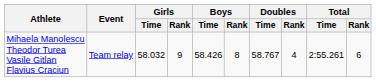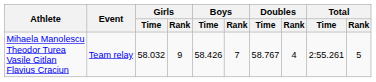 <table class="wikitable" style="font-size:90%">
 <tr>
 <th rowspan="2">Athlete</th>
 <th rowspan="2">Event</th>
 <th colspan=2>Girls</th>
 <th colspan=2>Boys</th>
 <th colspan=2>Doubles</th>
 <th colspan=2>Total</th>
 </tr>
 <tr style="font-size:95%">
 <th>Time</th>
 <th>Rank</th>
 <th>Time</th>
 <th>Rank</th>
 <th>Time</th>
 <th>Rank</th>
 <th>Time</th>
 <th>Rank</th>
 </tr>
 <tr align=center>
 <td align=left><a href='#'>Mihaela Manolescu</a><br><a href='#'>Theodor Turea</a><br><a href='#'>Vasile Gitlan</a><br><a href='#'>Flavius Craciun</a></td>
 <td align=left><a href='#'>Team relay</a></td>
 <td>58.032</td>
 <td>9</td>
 <td>58.426</td>
-<td>8</td>
+<td>7</td>
 <td>58.767</td>
 <td>4</td>
 <td>2:55.261</td>
-<td>6</td>
+<td>5</td>
 </tr>
 </table>
